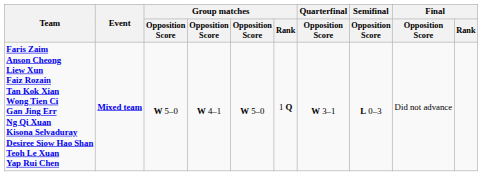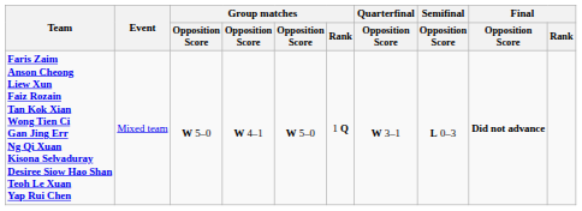 <table class=wikitable style=font-size:90%;text-align:center>
 <tr>
 <th rowspan=2>Team</th>
 <th rowspan=2>Event</th>
 <th colspan=4>Group matches</th>
 <th>Quarterfinal</th>
 <th>Semifinal</th>
 <th colspan=2>Final</th>
 </tr>
 <tr style=font-size:95%>
 <th>Opposition<br>Score</th>
 <th>Opposition<br>Score</th>
 <th>Opposition<br>Score</th>
 <th>Rank</th>
 <th>Opposition<br>Score</th>
 <th>Opposition<br>Score</th>
 <th>Opposition<br>Score</th>
 <th>Rank</th>
 </tr>
 <tr>
 <td align=left><strong><a href='#'>Faris Zaim</a><br><a href='#'>Anson Cheong</a><br><a href='#'>Liew Xun</a><br><a href='#'>Faiz Rozain</a><br><a href='#'>Tan Kok Xian</a><br><a href='#'>Wong Tien Ci</a><br><a href='#'>Gan Jing Err</a><br><a href='#'>Ng Qi Xuan</a><br><a href='#'>Kisona Selvaduray</a><br><a href='#'>Desiree Siow Hao Shan</a><br><a href='#'>Teoh Le Xuan</a><br><a href='#'>Yap Rui Chen</a></strong></td>
-<td align=left><strong><a href='#'>Mixed team</a></strong></td>
+<td align=left><a href='#'>Mixed team</a></td>
 <td><br><strong>W</strong> 5–0</td>
 <td><br><strong>W</strong> 4–1</td>
 <td><br><strong>W</strong> 5–0</td>
 <td>1 <strong>Q</strong></td>
 <td><br><strong>W</strong> 3–1</td>
 <td><br><strong>L</strong> 0–3</td>
-<td>Did not advance</td>
+<td><strong>Did not advance</strong></td>
 <td></td>
 </tr>
 </table>
